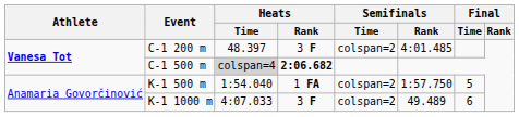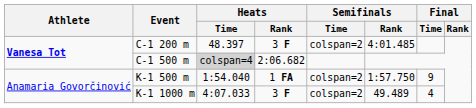 <table class=wikitable style="font-size:90%">
 <tr>
 <th rowspan="2">Athlete</th>
 <th rowspan="2">Event</th>
 <th colspan=2>Heats</th>
 <th colspan=2>Semifinals</th>
 <th colspan=2>Final</th>
 </tr>
 <tr style="font-size:95%">
 <th>Time</th>
 <th>Rank</th>
 <th>Time</th>
 <th>Rank</th>
 <th>Time</th>
 <th>Rank</th>
 </tr>
 <tr align=center>
 <td align=left rowspan=2><strong><a href='#'>Vanesa Tot</a></strong></td>
 <td align=left>C-1 200 m</td>
 <td>48.397</td>
 <td>3 <strong>F</strong></td>
 <td>colspan=2</td>
 <td>4:01.485</td>
 <td></td>
 </tr>
 <tr align=center>
 <td align=left>C-1 500 m</td>
 <td style="background: lightgrey;">colspan=4</td>
-<td><strong>2:06.682</strong></td>
+<td>2:06.682</td>
 <td></td>
 </tr>
 <tr align=center>
 <td align=left rowspan=2><a href='#'>Anamaria Govorčinović</a></td>
 <td align=left>K-1 500 m</td>
 <td>1:54.040</td>
 <td>1 <strong>FA</strong></td>
 <td>colspan=2</td>
 <td>1:57.750</td>
-<td>5</td>
+<td>9</td>
 </tr>
 <tr align=center>
 <td align=left>K-1 1000 m</td>
 <td>4:07.033</td>
 <td>3 <strong>F</strong></td>
 <td>colspan=2</td>
 <td>49.489</td>
-<td>6</td>
+<td>4</td>
 </tr>
 </table>
